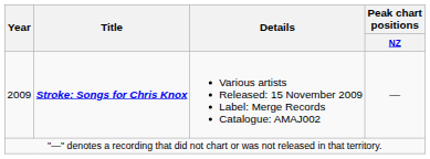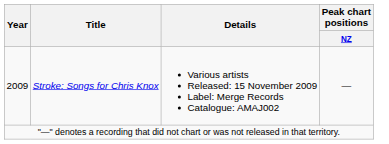 <table class="wikitable plainrowheaders">
 <tr>
 <th rowspan="2">Year</th>
 <th rowspan="2">Title</th>
 <th rowspan="2">Details</th>
 <th>Peak chart<br>positions</th>
 </tr>
 <tr>
 <th><small><a href='#'>NZ</a></small></th>
 </tr>
 <tr>
 <td>2009</td>
-<td><strong><em><a href='#'>Stroke: Songs for Chris Knox</a></em></strong></td>
+<td><em><a href='#'>Stroke: Songs for Chris Knox</a></em></td>
 <td><br><ul><li>Various artists</li><li>Released: 15 November 2009</li><li>Label: Merge Records</li><li>Catalogue: AMAJ002</li></ul></td>
 <td style="text-align:center;">—</td>
 </tr>
 <tr>
 <td colspan="4"  style="font-size:90%; text-align:center;">"—" denotes a recording that did not chart or was not released in that territory.</td>
 </tr>
 </table>
